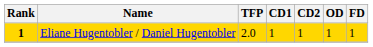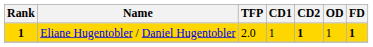 <table class="wikitable">
 <tr>
 <th>Rank</th>
 <th>Name</th>
 <th>TFP</th>
 <th>CD1</th>
 <th>CD2</th>
 <th>OD</th>
 <th>FD</th>
 </tr>
 <tr bgcolor="gold">
 <td align="center"><strong>1</strong></td>
 <td><a href='#'>Eliane Hugentobler</a> / <a href='#'>Daniel Hugentobler</a></td>
 <td>2.0</td>
 <td>1</td>
+<td><strong>1</strong></td>
 <td>1</td>
-<td>1</td>
-<td>1</td>
+<td><strong>1</strong></td>
 </tr>
 <tr>
 </tr>
 </table>
